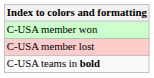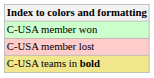 <table class="wikitable">
 <tr>
 <th>Index to colors and formatting</th>
 </tr>
 <tr style="background:#cfc;">
 <td>C-USA member won</td>
 </tr>
 <tr style="background:#fcc;">
 <td>C-USA member lost</td>
 </tr>
 <tr>
-<td>C-USA teams in <strong>bold</strong></td>
+<td style="background: khaki;">C-USA teams in <strong>bold</strong></td>
 </tr>
 </table>
